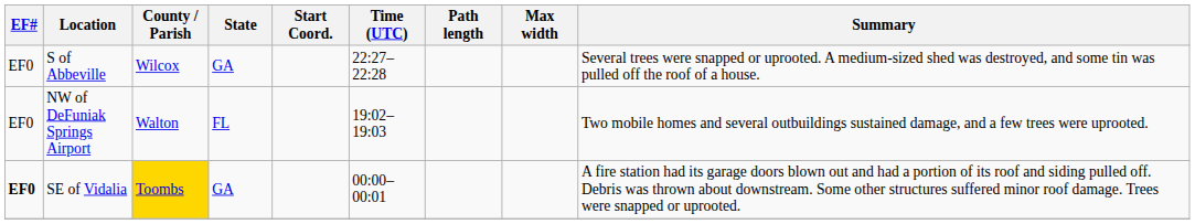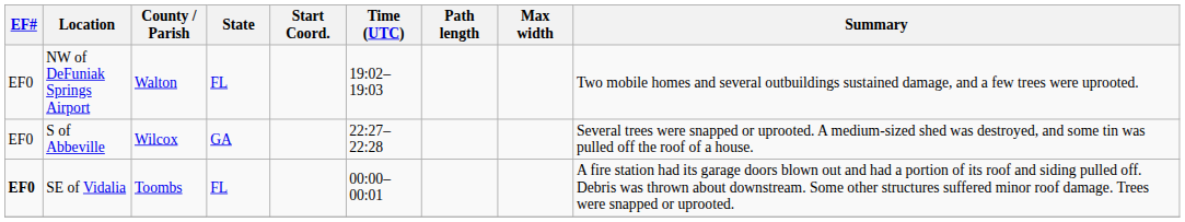 <table class="wikitable sortable" style="width:100%;">
 <tr>
 <th scope="col"  style="width:3%; text-align:center;"><a href='#'>EF#</a></th>
 <th scope="col"  style="width:7%; text-align:center;" class="unsortable">Location</th>
 <th scope="col"  style="width:6%; text-align:center;" class="unsortable">County / Parish</th>
 <th scope="col"  style="width:5%; text-align:center;">State</th>
 <th scope="col"  style="width:6%; text-align:center;">Start Coord.</th>
 <th scope="col"  style="width:6%; text-align:center;">Time (<a href='#'>UTC</a>)</th>
 <th scope="col"  style="width:6%; text-align:center;">Path length</th>
 <th scope="col"  style="width:6%; text-align:center;">Max width</th>
 <th scope="col" class="unsortable" style="width:48%; text-align:center;">Summary</th>
 </tr>
 <tr>
 <td>EF0</td>
+<td>NW of <a href='#'>DeFuniak Springs Airport</a></td>
+<td><a href='#'>Walton</a></td>
+<td><a href='#'>FL</a></td>
+<td></td>
+<td>19:02–19:03</td>
+<td></td>
+<td></td>
+<td>Two mobile homes and several outbuildings sustained damage, and a few trees were uprooted.</td>
+</tr>
+<tr>
+<td>EF0</td>
 <td>S of <a href='#'>Abbeville</a></td>
 <td><a href='#'>Wilcox</a></td>
 <td><a href='#'>GA</a></td>
 <td></td>
 <td>22:27–22:28</td>
 <td></td>
 <td></td>
 <td>Several trees were snapped or uprooted. A medium-sized shed was destroyed, and some tin was pulled off the roof of a house.</td>
 </tr>
 <tr>
-<td>EF0</td>
-<td>NW of <a href='#'>DeFuniak Springs Airport</a></td>
-<td><a href='#'>Walton</a></td>
-<td><a href='#'>FL</a></td>
-<td></td>
-<td>19:02–19:03</td>
-<td></td>
-<td></td>
-<td>Two mobile homes and several outbuildings sustained damage, and a few trees were uprooted.</td>
-</tr>
-<tr>
 <td><strong>EF0</strong></td>
 <td>SE of <a href='#'>Vidalia</a></td>
-<td style="background: gold;"><a href='#'>Toombs</a></td>
-<td><a href='#'>GA</a></td>
+<td><a href='#'>Toombs</a></td>
+<td><a href='#'>FL</a></td>
 <td></td>
 <td>00:00–00:01</td>
 <td></td>
 <td></td>
 <td>A fire station had its garage doors blown out and had a portion of its roof and siding pulled off. Debris was thrown about  downstream. Some other structures suffered minor roof damage. Trees were snapped or uprooted.</td>
 </tr>
 <tr>
 </tr>
 </table>
